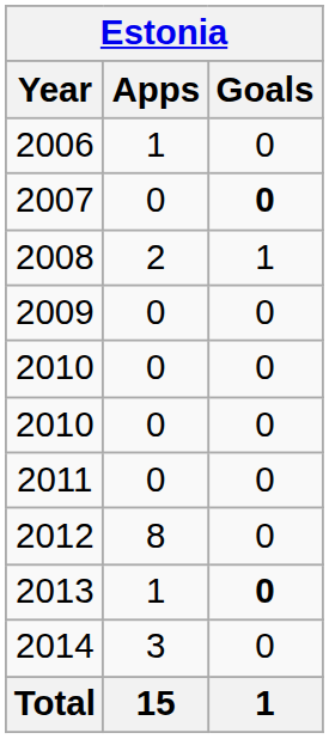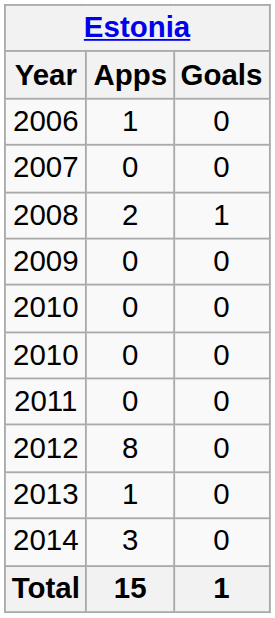 <table class="wikitable" style="text-align:center">
 <tr>
 <th colspan=3><a href='#'>Estonia</a></th>
 </tr>
 <tr>
 <th>Year</th>
 <th width="40">Apps</th>
 <th width="40">Goals</th>
 </tr>
 <tr>
 <td>2006</td>
 <td>1</td>
 <td>0</td>
 </tr>
 <tr>
 <td>2007</td>
 <td>0</td>
-<td><strong>0</strong></td>
+<td>0</td>
 </tr>
 <tr>
 <td>2008</td>
 <td>2</td>
 <td>1</td>
 </tr>
 <tr>
 <td>2009</td>
 <td>0</td>
 <td>0</td>
 </tr>
 <tr>
 <td>2010</td>
 <td>0</td>
 <td>0</td>
 </tr>
 <tr>
 <td>2010</td>
 <td>0</td>
 <td>0</td>
 </tr>
 <tr>
 <td>2011</td>
 <td>0</td>
 <td>0</td>
 </tr>
 <tr>
 <td>2012</td>
 <td>8</td>
 <td>0</td>
 </tr>
 <tr>
 <td>2013</td>
 <td>1</td>
-<td><strong>0</strong></td>
+<td>0</td>
 </tr>
 <tr>
 <td>2014</td>
 <td>3</td>
 <td>0</td>
 </tr>
 <tr>
 <th>Total</th>
 <th>15</th>
 <th>1</th>
 </tr>
 </table>
